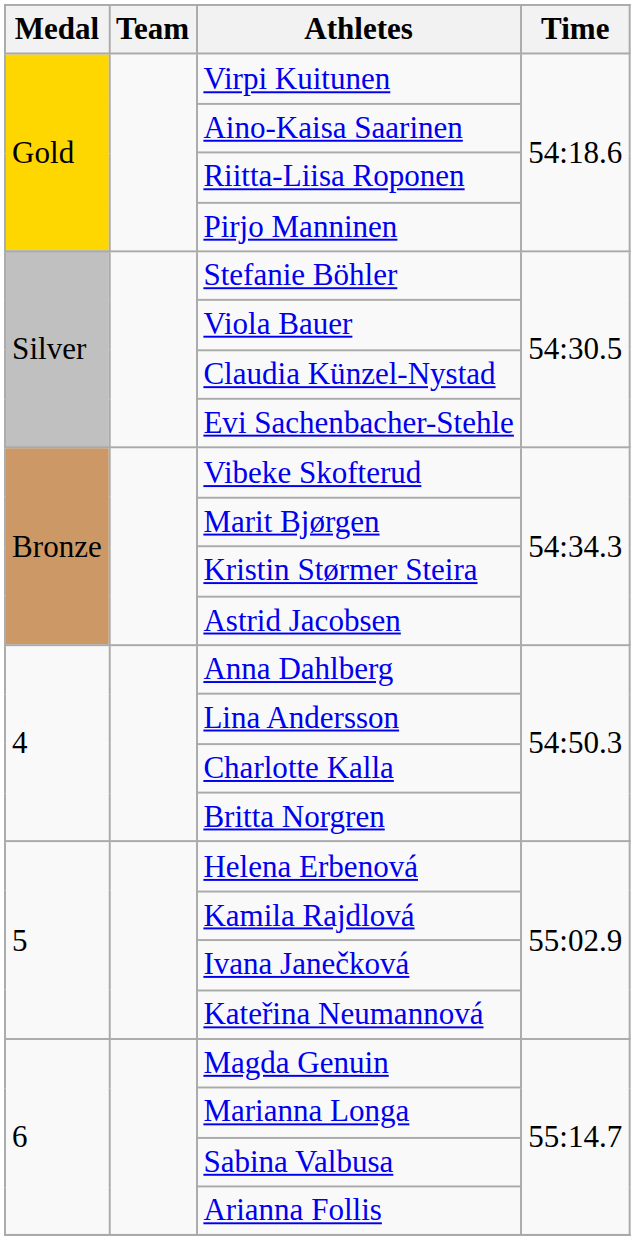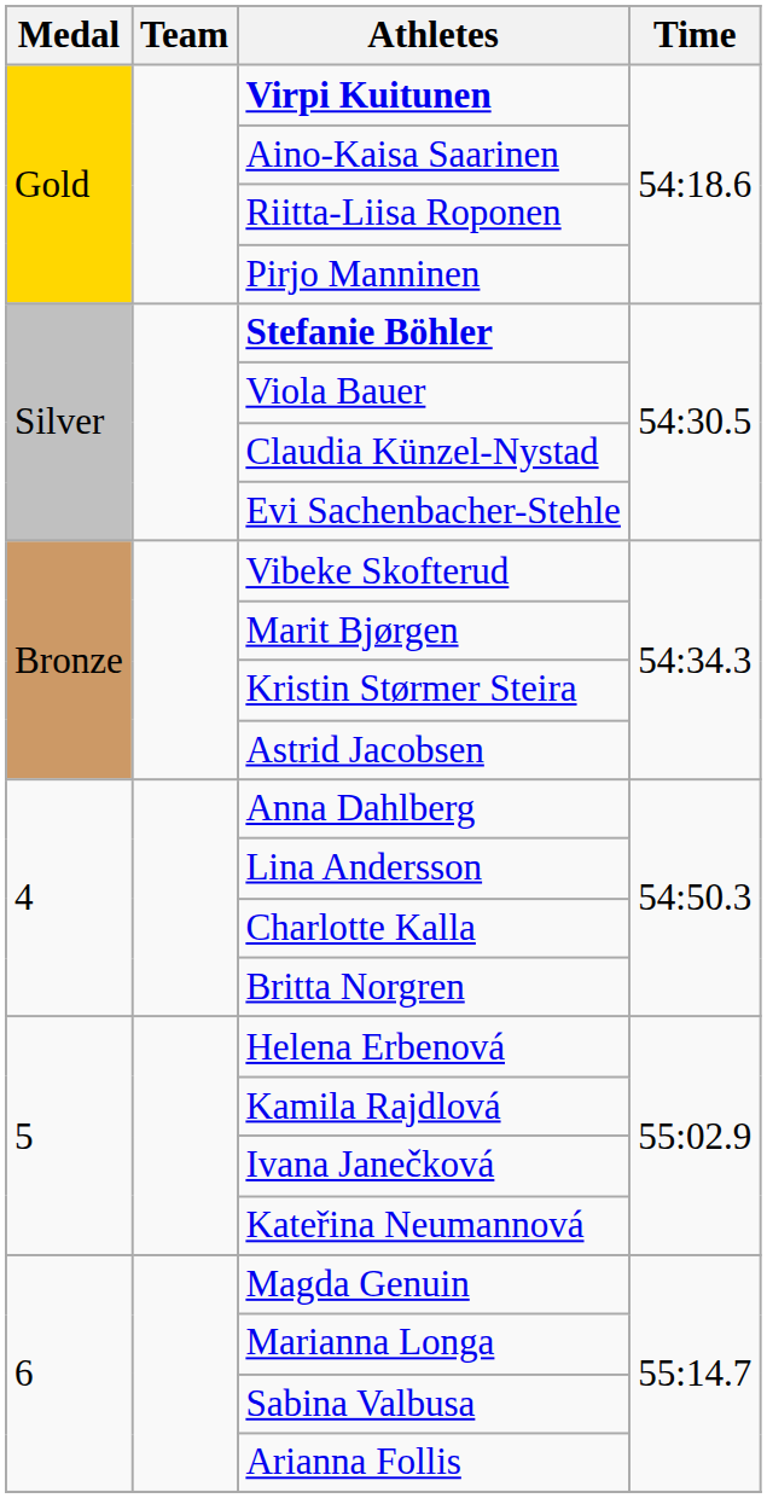 <table class="wikitable">
 <tr>
 <th align=left>Medal</th>
 <th>Team</th>
 <th>Athletes</th>
 <th align=Center>Time</th>
 </tr>
 <tr>
 <td bgcolor="gold" align=left rowspan="4">Gold</td>
 <td align=left rowspan="4"></td>
-<td align=left><a href='#'>Virpi Kuitunen</a></td>
+<td align=left><strong><a href='#'>Virpi Kuitunen</a></strong></td>
 <td align=center rowspan="4">54:18.6</td>
 </tr>
 <tr>
 <td align=left><a href='#'>Aino-Kaisa Saarinen</a></td>
 </tr>
 <tr>
 <td align=left><a href='#'>Riitta-Liisa Roponen</a></td>
 </tr>
 <tr>
 <td align=left><a href='#'>Pirjo Manninen</a></td>
 </tr>
 <tr>
 <td bgcolor="silver" align=left rowspan="4">Silver</td>
 <td align=left rowspan="4"></td>
-<td align=left><a href='#'>Stefanie Böhler</a></td>
+<td align=left><strong><a href='#'>Stefanie Böhler</a></strong></td>
 <td align=center rowspan="4">54:30.5</td>
 </tr>
 <tr>
 <td align=left><a href='#'>Viola Bauer</a></td>
 </tr>
 <tr>
 <td align=left><a href='#'>Claudia Künzel-Nystad</a></td>
 </tr>
 <tr>
 <td align=left><a href='#'>Evi Sachenbacher-Stehle</a></td>
 </tr>
 <tr>
 <td bgcolor="CC9966" align=left rowspan="4">Bronze</td>
 <td align=left rowspan="4"></td>
 <td align=left><a href='#'>Vibeke Skofterud</a></td>
 <td align=center rowspan="4">54:34.3</td>
 </tr>
 <tr>
 <td align=left><a href='#'>Marit Bjørgen</a></td>
 </tr>
 <tr>
 <td align=left><a href='#'>Kristin Størmer Steira</a></td>
 </tr>
 <tr>
 <td align=left><a href='#'>Astrid Jacobsen</a></td>
 </tr>
 <tr>
 <td align=left rowspan="4">4</td>
 <td align=left rowspan="4"></td>
 <td align=left><a href='#'>Anna Dahlberg</a></td>
 <td align=center rowspan="4">54:50.3</td>
 </tr>
 <tr>
 <td align=left><a href='#'>Lina Andersson</a></td>
 </tr>
 <tr>
 <td align=left><a href='#'>Charlotte Kalla</a></td>
 </tr>
 <tr>
 <td align=left><a href='#'>Britta Norgren</a></td>
 </tr>
 <tr>
 <td align=left rowspan="4">5</td>
 <td align=left rowspan="4"></td>
 <td align=left><a href='#'>Helena Erbenová</a></td>
 <td align=center rowspan="4">55:02.9</td>
 </tr>
 <tr>
 <td align=left><a href='#'>Kamila Rajdlová</a></td>
 </tr>
 <tr>
 <td align=left><a href='#'>Ivana Janečková</a></td>
 </tr>
 <tr>
 <td align=left><a href='#'>Kateřina Neumannová</a></td>
 </tr>
 <tr>
 <td align=left rowspan="4">6</td>
 <td align=left rowspan="4"></td>
 <td align=left><a href='#'>Magda Genuin</a></td>
 <td align=center rowspan="4">55:14.7</td>
 </tr>
 <tr>
 <td align=left><a href='#'>Marianna Longa</a></td>
 </tr>
 <tr>
 <td align=left><a href='#'>Sabina Valbusa</a></td>
 </tr>
 <tr>
 <td align=left><a href='#'>Arianna Follis</a></td>
 </tr>
 <tr>
 </tr>
 </table>
